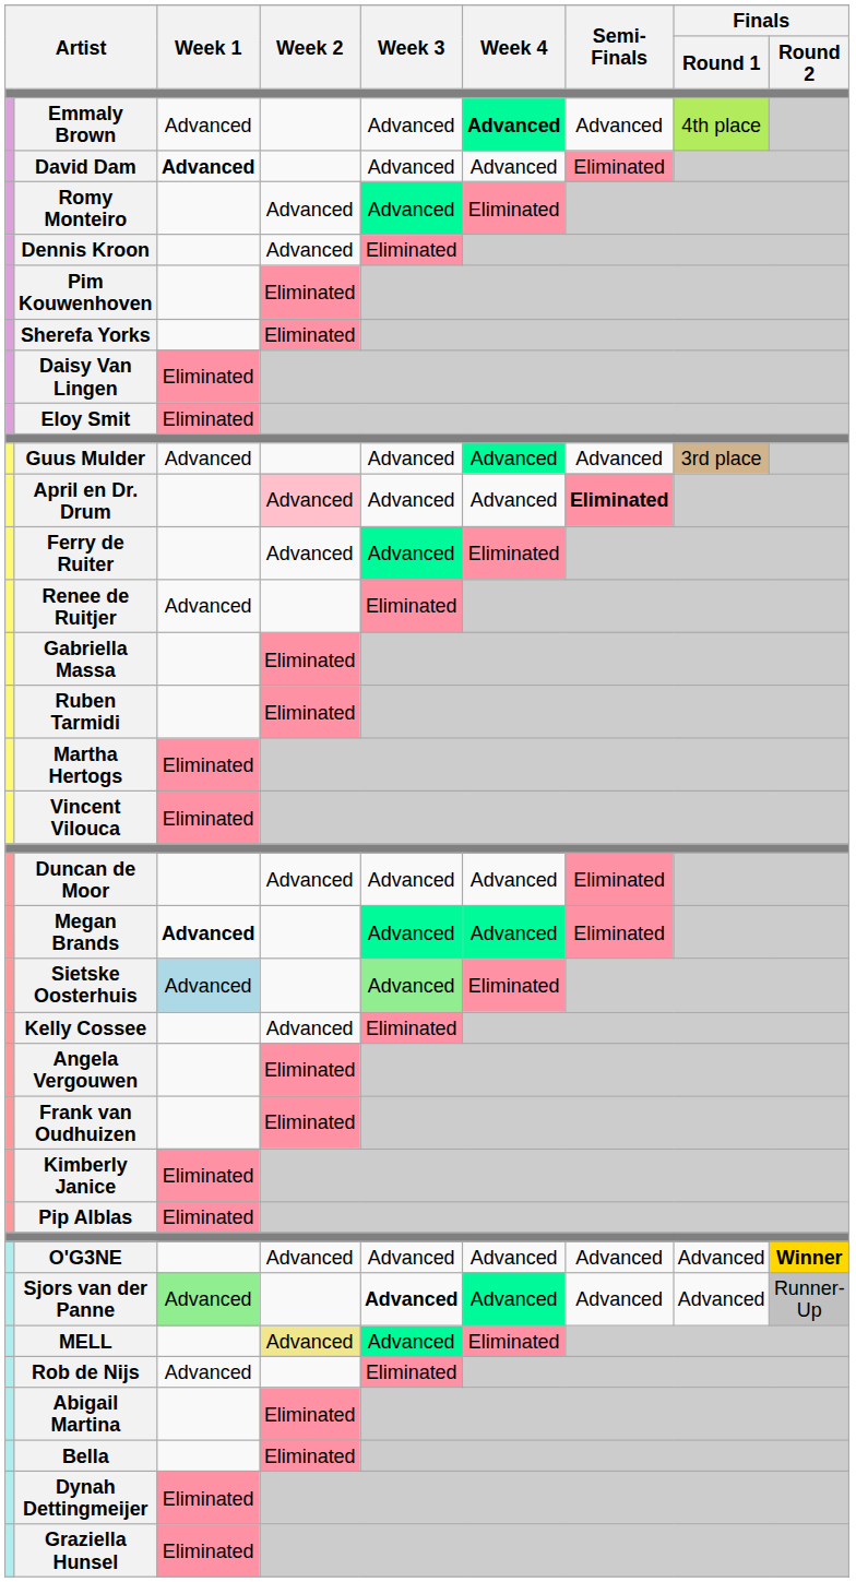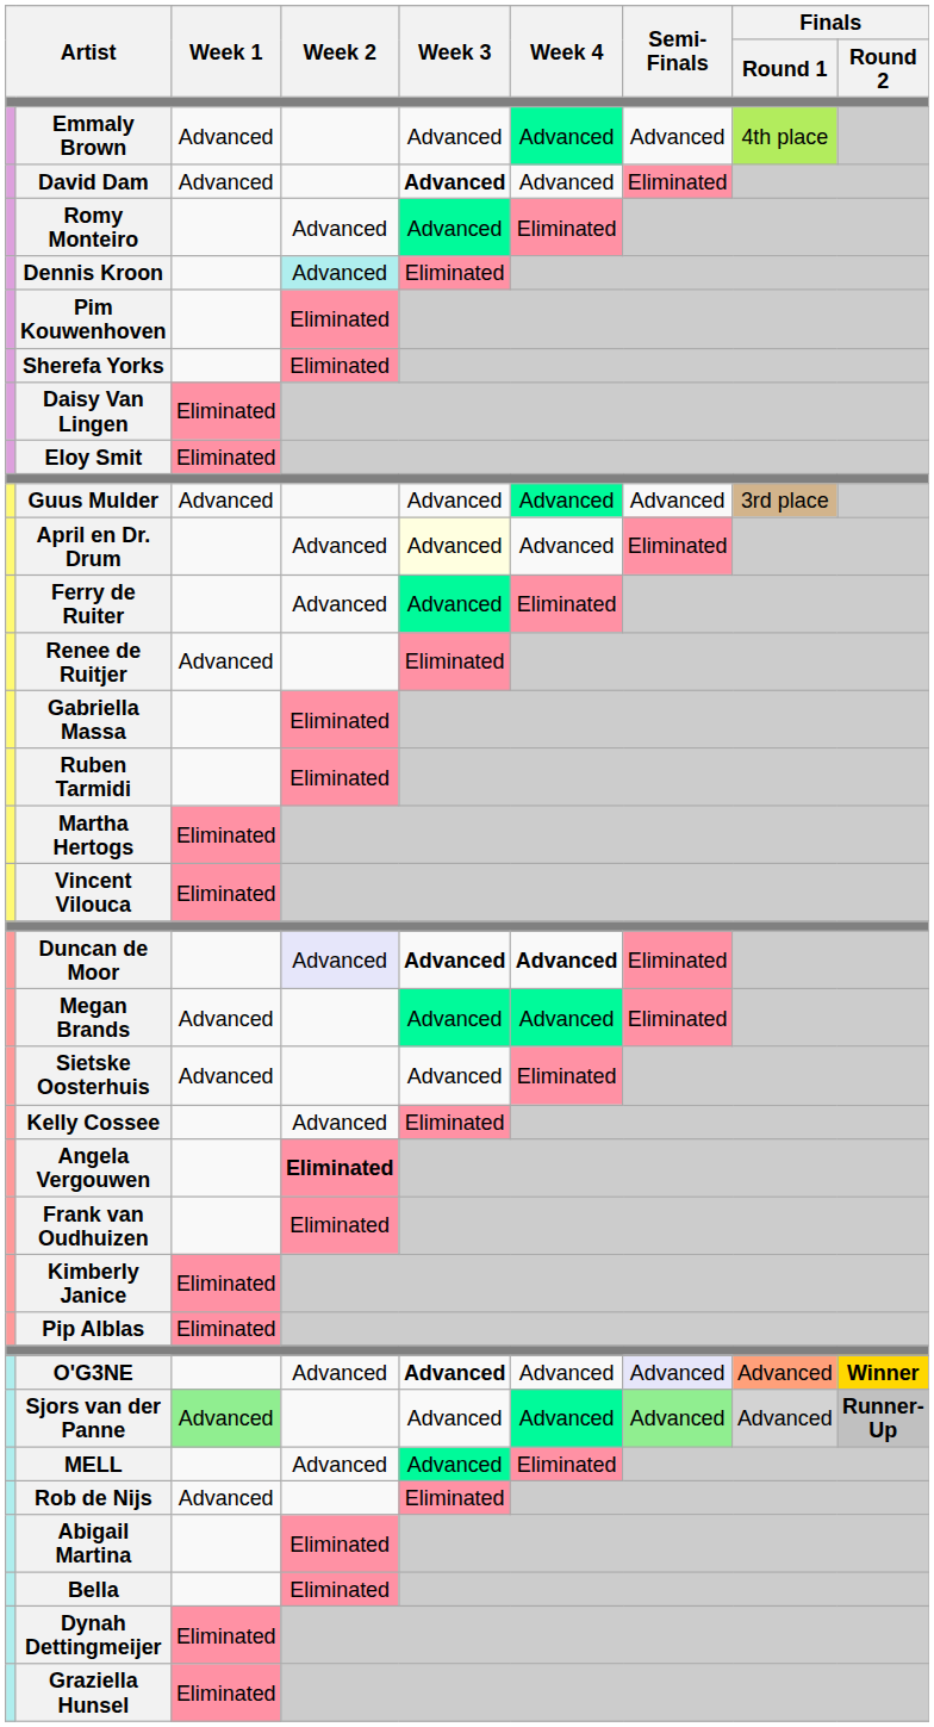 <table class="wikitable"  style="text-align:center; font-size:95%; width:100%;">
 <tr>
 </tr>
 <tr>
 <th style="width:11%;" rowspan="2" colspan="2">Artist</th>
 <th style="width:11%;" rowspan="2">Week 1</th>
 <th style="width:11%;" rowspan="2">Week 2</th>
 <th style="width:11%;" rowspan="2">Week 3</th>
 <th style="width:11%;" rowspan="2">Week 4</th>
 <th style="width:11%;" rowspan="2">Semi-Finals</th>
 <th style="width:15%;" colspan="2">Finals</th>
 </tr>
 <tr>
 <th style="width:9%">Round 1</th>
 <th style="width:6%">Round 2</th>
 </tr>
 <tr>
 <th colspan="9" style="background:gray;"></th>
 </tr>
 <tr>
 <th style="background:#dda0dd;"></th>
 <th>Emmaly Brown</th>
 <td>Advanced</td>
 <td></td>
 <td>Advanced</td>
-<td style="background:#00FA9A;"><strong>Advanced</strong></td>
+<td style="background:#00FA9A;">Advanced</td>
 <td>Advanced</td>
 <td style="background:#b2ec5d;">4th place</td>
 <td colspan="2" style="background:#ccc;"></td>
 </tr>
 <tr>
 <th style="background:#dda0dd;"></th>
 <th>David Dam</th>
+<td>Advanced</td>
+<td></td>
 <td><strong>Advanced</strong></td>
-<td></td>
-<td>Advanced</td>
 <td>Advanced</td>
 <td style="background:#FF91A4;">Eliminated</td>
 <td colspan="12" style="background:#ccc;"></td>
 </tr>
 <tr>
 <th style="background:#dda0dd;"></th>
 <th>Romy Monteiro</th>
 <td></td>
 <td>Advanced</td>
 <td style="background:#00FA9A;">Advanced</td>
 <td style="background:#FF91A4;">Eliminated</td>
 <td colspan="12" style="background:#ccc;"></td>
 </tr>
 <tr>
 <th style="background:#dda0dd;"></th>
 <th>Dennis Kroon</th>
 <td></td>
-<td>Advanced</td>
+<td style="background: paleturquoise;">Advanced</td>
 <td style="background:#FF91A4;">Eliminated</td>
 <td colspan="12" style="background:#ccc;"></td>
 </tr>
 <tr>
 <th style="background:#dda0dd;"></th>
 <th>Pim Kouwenhoven</th>
 <td></td>
 <td style="background:#FF91A4;">Eliminated</td>
 <td colspan="12" style="background:#ccc;"></td>
 </tr>
 <tr>
 <th style="background:#dda0dd;"></th>
 <th>Sherefa Yorks</th>
 <td></td>
 <td style="background:#FF91A4;">Eliminated</td>
 <td colspan="21" style="background:#ccc;"></td>
 </tr>
 <tr>
 <th style="background:#dda0dd;"></th>
 <th>Daisy Van Lingen</th>
 <td style="background:#FF91A4;">Eliminated</td>
 <td colspan="21" style="background:#ccc;"></td>
 </tr>
 <tr>
 <th style="background:#dda0dd;"></th>
 <th>Eloy Smit</th>
 <td style="background:#FF91A4;">Eliminated</td>
 <td colspan="12" style="background:#ccc;"></td>
 </tr>
 <tr>
 <th colspan="9" style="background:grey;"></th>
 </tr>
 <tr>
 <th style="background:#fffa73;"></th>
 <th>Guus Mulder</th>
 <td>Advanced</td>
 <td></td>
 <td>Advanced</td>
 <td style="background:#00FA9A;">Advanced</td>
 <td>Advanced</td>
 <td style="background:tan;">3rd place</td>
 <td colspan="2" style="background:#ccc;"></td>
 </tr>
 <tr>
 <th style="background:#fffa73;"></th>
 <th>April en Dr. Drum</th>
 <td></td>
-<td style="background: pink;">Advanced</td>
 <td>Advanced</td>
+<td style="background: lightyellow;">Advanced</td>
 <td>Advanced</td>
-<td style="background:#FF91A4;"><strong>Eliminated</strong></td>
+<td style="background:#FF91A4;">Eliminated</td>
 <td colspan="12" style="background:#ccc;"></td>
 </tr>
 <tr>
 <th style="background:#fffa73;"></th>
 <th>Ferry de Ruiter</th>
 <td></td>
 <td>Advanced</td>
 <td style="background:#00FA9A;">Advanced</td>
 <td style="background:#FF91A4;">Eliminated</td>
 <td colspan="21" style="background:#ccc;"></td>
 </tr>
 <tr>
 <th style="background:#fffa73;"></th>
 <th>Renee de Ruitjer</th>
 <td>Advanced</td>
 <td></td>
 <td style="background:#FF91A4;">Eliminated</td>
 <td colspan="21" style="background:#ccc;"></td>
 </tr>
 <tr>
 <th style="background:#fffa73;"></th>
 <th>Gabriella Massa</th>
 <td></td>
 <td style="background:#FF91A4;">Eliminated</td>
 <td colspan="12" style="background:#ccc;"></td>
 </tr>
 <tr>
 <th style="background:#fffa73;"></th>
 <th>Ruben Tarmidi</th>
 <td></td>
 <td style="background:#FF91A4;">Eliminated</td>
 <td colspan="12" style="background:#ccc;"></td>
 </tr>
 <tr>
 <th style="background:#fffa73;"></th>
 <th>Martha Hertogs</th>
 <td style="background:#FF91A4;">Eliminated</td>
 <td colspan="21" style="background:#ccc;"></td>
 </tr>
 <tr>
 <th style="background:#fffa73;"></th>
 <th>Vincent Vilouca</th>
 <td style="background:#FF91A4;">Eliminated</td>
 <td colspan="12" style="background:#ccc;"></td>
 </tr>
 <tr>
 <th colspan="9" style="background:grey;"></th>
 </tr>
 <tr>
 <th style="background:#ff9999;"></th>
 <th>Duncan de Moor</th>
 <td></td>
-<td>Advanced</td>
-<td>Advanced</td>
-<td>Advanced</td>
+<td style="background: lavender;">Advanced</td>
+<td><strong>Advanced</strong></td>
+<td><strong>Advanced</strong></td>
 <td style="background:#FF91A4;">Eliminated</td>
 <td colspan="23" style="background:#ccc;"></td>
 </tr>
 <tr>
 <th style="background:#ff9999;"></th>
 <th>Megan Brands</th>
-<td><strong>Advanced</strong></td>
+<td>Advanced</td>
 <td></td>
 <td style="background:#00FA9A;">Advanced</td>
 <td style="background:#00FA9A;">Advanced</td>
 <td style="background:#FF91A4;">Eliminated</td>
 <td colspan="12" style="background:#ccc;"></td>
 </tr>
 <tr>
 <th style="background:#ff9999;"></th>
 <th>Sietske Oosterhuis</th>
-<td style="background: lightblue;">Advanced</td>
+<td>Advanced</td>
 <td></td>
-<td style="background: lightgreen;">Advanced</td>
+<td>Advanced</td>
 <td style="background:#FF91A4;">Eliminated</td>
 <td colspan="24" style="background:#ccc;"></td>
 </tr>
 <tr>
 <th style="background:#ff9999;"></th>
 <th>Kelly Cossee</th>
 <td></td>
 <td>Advanced</td>
 <td style="background:#FF91A4;">Eliminated</td>
 <td colspan="42" style="background:#ccc;"></td>
 </tr>
 <tr>
 <th style="background:#ff9999;"></th>
 <th>Angela Vergouwen</th>
 <td></td>
-<td style="background:#FF91A4;">Eliminated</td>
+<td style="background:#FF91A4;"><strong>Eliminated</strong></td>
 <td colspan="12" style="background:#ccc;"></td>
 </tr>
 <tr>
 <th style="background:#ff9999;"></th>
 <th>Frank van Oudhuizen</th>
 <td></td>
 <td style="background:#FF91A4;">Eliminated</td>
 <td colspan="23" style="background:#ccc;"></td>
 </tr>
 <tr>
 <th style="background:#ff9999;"></th>
 <th>Kimberly Janice</th>
 <td style="background:#FF91A4;">Eliminated</td>
 <td colspan="12" style="background:#ccc;"></td>
 </tr>
 <tr>
 <th style="background:#ff9999;"></th>
 <th>Pip Alblas</th>
 <td style="background:#FF91A4;">Eliminated</td>
 <td colspan="12" style="background:#ccc;"></td>
 </tr>
 <tr>
 <th colspan="9" style="background:grey;"></th>
 </tr>
 <tr>
 <th style="background:#afeeee;"></th>
 <th>O'G3NE</th>
 <td></td>
 <td>Advanced</td>
+<td><strong>Advanced</strong></td>
 <td>Advanced</td>
-<td>Advanced</td>
-<td>Advanced</td>
-<td>Advanced</td>
+<td style="background: lavender;">Advanced</td>
+<td style="background: lightsalmon;">Advanced</td>
 <td style="background:gold;"><strong>Winner</strong></td>
 </tr>
 <tr>
 <th style="background:#afeeee;"></th>
 <th>Sjors van der Panne</th>
 <td style="background: lightgreen;">Advanced</td>
 <td></td>
-<td><strong>Advanced</strong></td>
+<td>Advanced</td>
 <td style="background:#00FA9A;">Advanced</td>
-<td>Advanced</td>
-<td>Advanced</td>
-<td style="background:silver;">Runner-Up</td>
+<td style="background: lightgreen;">Advanced</td>
+<td style="background: lightgrey;">Advanced</td>
+<td style="background:silver;"><strong>Runner-Up</strong></td>
 </tr>
 <tr>
 <th style="background:#afeeee;"></th>
 <th>MELL</th>
 <td></td>
-<td style="background: khaki;">Advanced</td>
+<td>Advanced</td>
 <td style="background:#00FA9A;">Advanced</td>
 <td style="background:#FF91A4;">Eliminated</td>
 <td colspan="12" style="background:#ccc;"></td>
 </tr>
 <tr>
 <th style="background:#afeeee;"></th>
 <th>Rob de Nijs</th>
 <td>Advanced</td>
 <td></td>
 <td style="background:#FF91A4;">Eliminated</td>
 <td colspan="12" style="background:#ccc;"></td>
 </tr>
 <tr>
 <th style="background:#afeeee;"></th>
 <th>Abigail Martina</th>
 <td></td>
 <td style="background:#FF91A4;">Eliminated</td>
 <td colspan="12" style="background:#ccc;"></td>
 </tr>
 <tr>
 <th style="background:#afeeee;"></th>
 <th>Bella</th>
 <td></td>
 <td style="background:#FF91A4;">Eliminated</td>
 <td colspan="21" style="background:#ccc;"></td>
 </tr>
 <tr>
 <th style="background:#afeeee;"></th>
 <th>Dynah Dettingmeijer</th>
 <td style="background:#FF91A4;">Eliminated</td>
 <td colspan="12" style="background:#ccc;"></td>
 </tr>
 <tr>
 <th style="background:#afeeee;"></th>
 <th>Graziella Hunsel</th>
 <td style="background:#FF91A4;">Eliminated</td>
 <td colspan="12" style="background:#ccc;"></td>
 </tr>
 </table>
